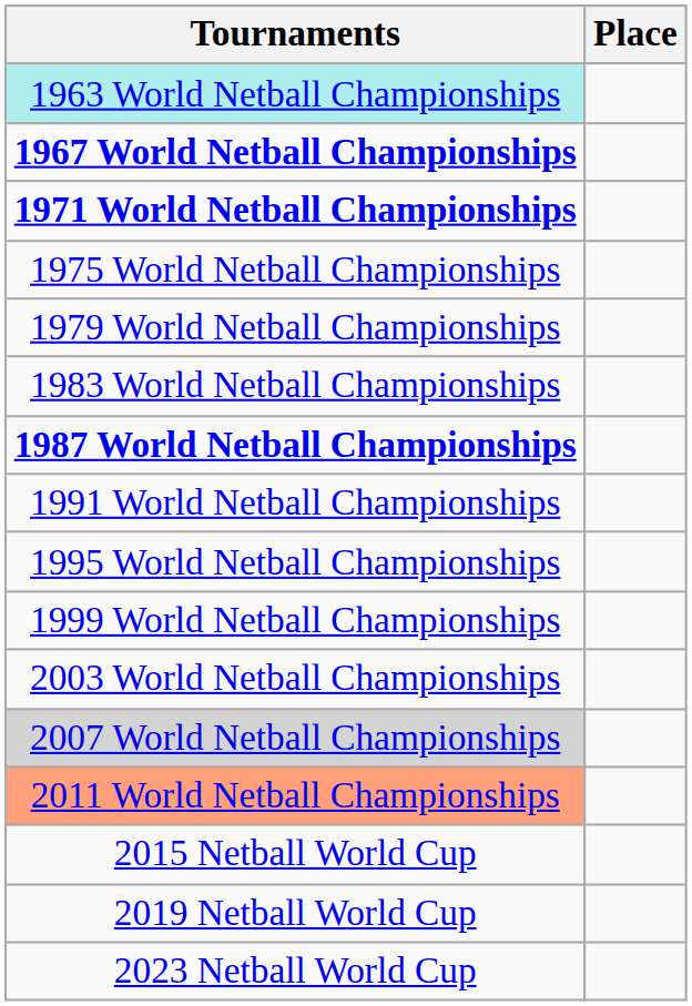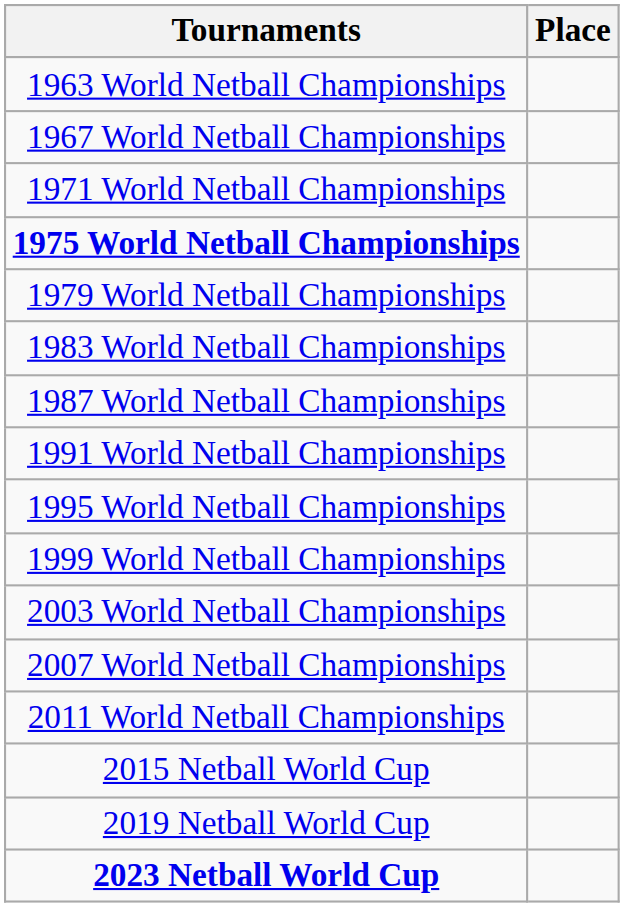 <table class="wikitable collapsible" style="text-align:center;">
 <tr style="background:silver;">
 <th>Tournaments</th>
 <th>Place</th>
 </tr>
 <tr>
-<td style="background: paleturquoise;"><a href='#'>1963 World Netball Championships</a></td>
+<td><a href='#'>1963 World Netball Championships</a></td>
 <td></td>
 </tr>
 <tr>
-<td><strong><a href='#'>1967 World Netball Championships</a></strong></td>
+<td><a href='#'>1967 World Netball Championships</a></td>
 <td></td>
 </tr>
 <tr>
-<td><strong><a href='#'>1971 World Netball Championships</a></strong></td>
+<td><a href='#'>1971 World Netball Championships</a></td>
 <td></td>
 </tr>
 <tr>
-<td><a href='#'>1975 World Netball Championships</a></td>
+<td><strong><a href='#'>1975 World Netball Championships</a></strong></td>
 <td></td>
 </tr>
 <tr>
 <td><a href='#'>1979 World Netball Championships</a></td>
 <td></td>
 </tr>
 <tr>
 <td><a href='#'>1983 World Netball Championships</a></td>
 <td></td>
 </tr>
 <tr>
-<td><strong><a href='#'>1987 World Netball Championships</a></strong></td>
+<td><a href='#'>1987 World Netball Championships</a></td>
 <td></td>
 </tr>
 <tr>
 <td><a href='#'>1991 World Netball Championships</a></td>
 <td></td>
 </tr>
 <tr>
 <td><a href='#'>1995 World Netball Championships</a></td>
 <td></td>
 </tr>
 <tr>
 <td><a href='#'>1999 World Netball Championships</a></td>
 <td></td>
 </tr>
 <tr>
 <td><a href='#'>2003 World Netball Championships</a></td>
 <td></td>
 </tr>
 <tr>
-<td style="background: lightgrey;"><a href='#'>2007 World Netball Championships</a></td>
+<td><a href='#'>2007 World Netball Championships</a></td>
 <td></td>
 </tr>
 <tr>
-<td style="background: lightsalmon;"><a href='#'>2011 World Netball Championships</a></td>
+<td><a href='#'>2011 World Netball Championships</a></td>
 <td></td>
 </tr>
 <tr>
 <td><a href='#'>2015 Netball World Cup</a></td>
 <td></td>
 </tr>
 <tr>
 <td><a href='#'>2019 Netball World Cup</a></td>
 <td></td>
 </tr>
 <tr>
-<td><a href='#'>2023 Netball World Cup</a></td>
+<td><strong><a href='#'>2023 Netball World Cup</a></strong></td>
 <td></td>
 </tr>
 </table>
